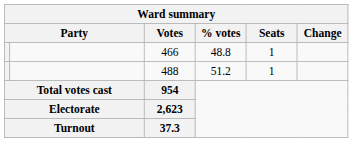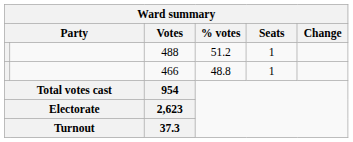 <table class="wikitable" style="font-size: 95%;">
 <tr style="background-color:#E9E9E9">
 <th colspan="6">Ward summary</th>
 </tr>
 <tr style="background-color:#E9E9E9">
 <th colspan="2">Party</th>
 <th style="width: 60px">Votes</th>
 <th style="width: 60px">% votes</th>
 <th style="width: 60px">Seats</th>
 <th style="width: 60px">Change</th>
 </tr>
 <tr>
 <th style="background-color: "></th>
 <td style="width: 170px"><a href='#'></a></td>
-<td align="center">466</td>
-<td align="center">48.8</td>
+<td align="center">488</td>
+<td align="center">51.2</td>
 <td align="center">1</td>
 <td align="center"></td>
 </tr>
 <tr>
 <th style="background-color: "></th>
 <td style="width: 170px"><a href='#'></a></td>
-<td align="center">488</td>
-<td align="center">51.2</td>
+<td align="center">466</td>
+<td align="center">48.8</td>
 <td align="center">1</td>
 <td align="center"></td>
 </tr>
 <tr style="background-color:#E9E9E9">
 <th colspan="2">Total votes cast</th>
 <th style="width: 60px">954</th>
 </tr>
 <tr style="background-color:#E9E9E9">
 <th colspan="2">Electorate</th>
 <th style="width: 60px">2,623</th>
 </tr>
 <tr style="background-color:#E9E9E9">
 <th colspan="2">Turnout</th>
 <th style="width: 60px">37.3</th>
 </tr>
 </table>
